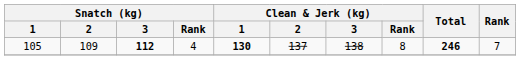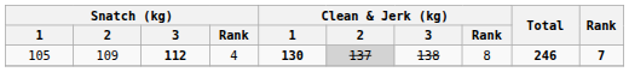 <table class="wikitable" style="text-align:center;">
 <tr>
 <th colspan=4>Snatch (kg)</th>
 <th colspan=4>Clean & Jerk (kg)</th>
 <th rowspan=2 width=65>Total</th>
 <th rowspan=2 width=40>Rank</th>
 </tr>
 <tr>
 <th width=65>1</th>
 <th width=65>2</th>
 <th width=65>3</th>
 <th width=45>Rank</th>
 <th width=65>1</th>
 <th width=65>2</th>
 <th width=65>3</th>
 <th width=45>Rank</th>
 </tr>
 <tr>
 <td>105</td>
 <td>109</td>
 <td><strong>112</strong></td>
 <td>4</td>
 <td><strong>130</strong></td>
-<td><s>137</s></td>
+<td style="background: lightgrey;"><s>137</s></td>
 <td><s>138</s></td>
 <td>8</td>
 <td><strong>246</strong></td>
-<td>7</td>
+<td><strong>7</strong></td>
 </tr>
 <tr>
 </tr>
 </table>
